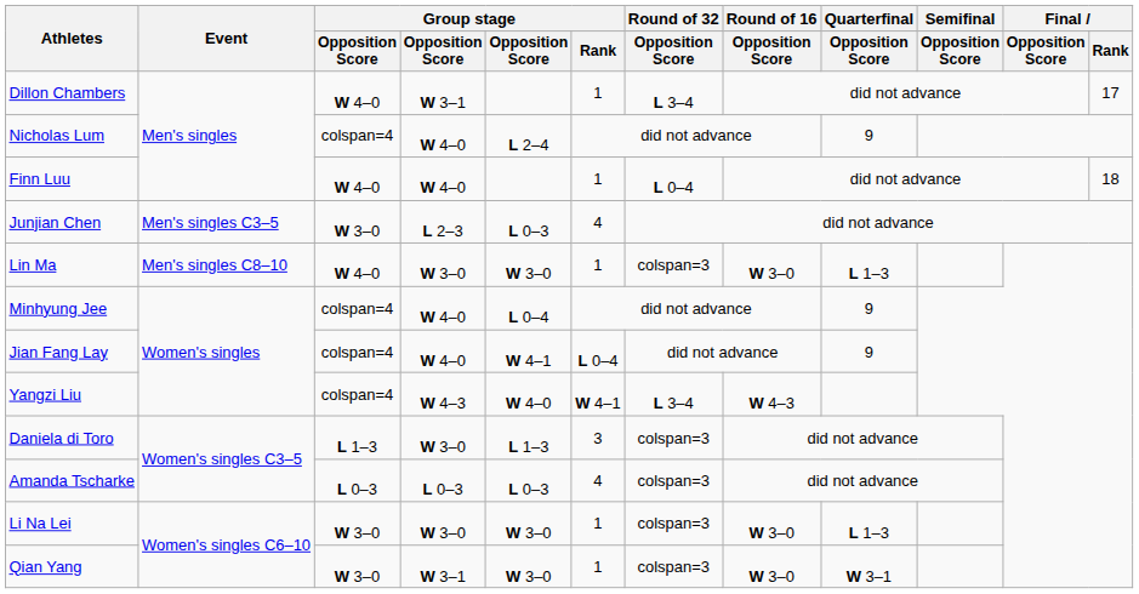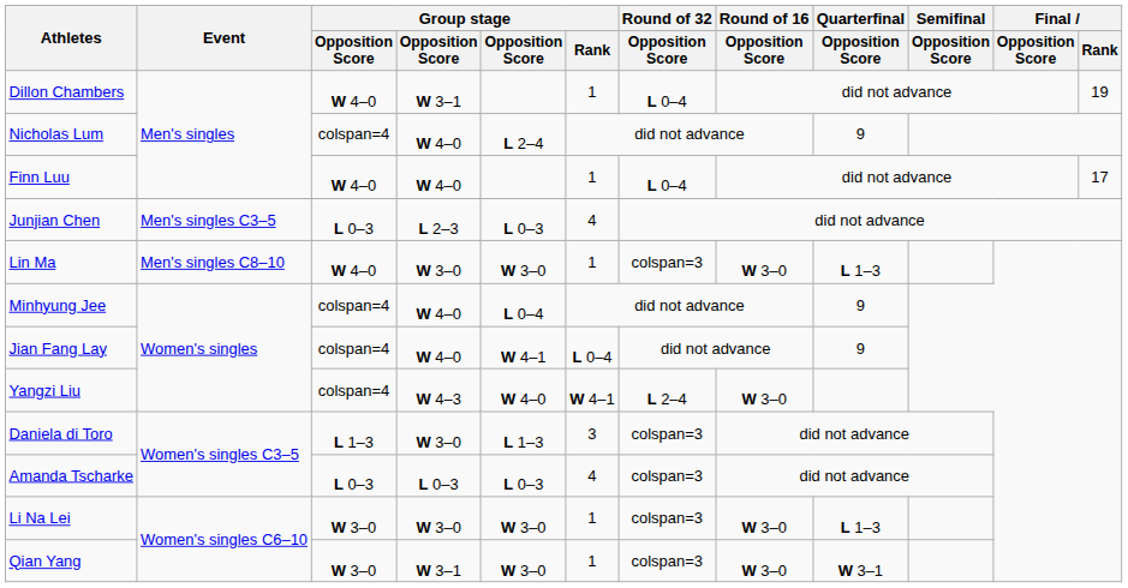 <table class=wikitable style=font-size:88%;text-align:center>
 <tr>
 <th rowspan=2>Athletes</th>
 <th rowspan=2>Event</th>
 <th colspan=4>Group stage</th>
 <th>Round of 32</th>
 <th>Round of 16</th>
 <th>Quarterfinal</th>
 <th>Semifinal</th>
 <th colspan=2>Final / </th>
 </tr>
 <tr style=font-size:95%>
 <th>Opposition<br>Score</th>
 <th>Opposition<br>Score</th>
 <th>Opposition<br>Score</th>
 <th>Rank</th>
 <th>Opposition<br>Score</th>
 <th>Opposition<br>Score</th>
 <th>Opposition<br>Score</th>
 <th>Opposition<br>Score</th>
 <th>Opposition<br>Score</th>
 <th>Rank</th>
 </tr>
 <tr>
 <td align=left><a href='#'>Dillon Chambers</a></td>
 <td align=left rowspan=3><a href='#'>Men's singles</a></td>
 <td><br><strong>W</strong> 4–0</td>
 <td><br><strong>W</strong> 3–1</td>
 <td></td>
 <td>1</td>
-<td><br><strong>L</strong> 3–4</td>
+<td><br><strong>L</strong> 0–4</td>
 <td colspan=4>did not advance</td>
-<td>17</td>
+<td>19</td>
 </tr>
 <tr>
 <td align=left><a href='#'>Nicholas Lum</a></td>
 <td>colspan=4 </td>
 <td><br><strong>W</strong> 4–0</td>
 <td><br><strong>L</strong> 2–4</td>
 <td colspan=3>did not advance</td>
 <td>9</td>
 </tr>
 <tr>
 <td align=left><a href='#'>Finn Luu</a></td>
 <td><br><strong>W</strong> 4–0</td>
 <td><br><strong>W</strong> 4–0</td>
 <td></td>
 <td>1</td>
 <td><br><strong>L</strong> 0–4</td>
 <td colspan=4>did not advance</td>
-<td>18</td>
+<td>17</td>
 </tr>
 <tr>
 <td align=left><a href='#'>Junjian Chen</a></td>
 <td align=left><a href='#'>Men's singles C3–5</a></td>
-<td><br><strong>W</strong> 3–0</td>
+<td><br><strong>L</strong> 0–3</td>
 <td><br><strong>L</strong> 2–3</td>
 <td><br><strong>L</strong> 0–3</td>
 <td>4</td>
 <td colspan=6>did not advance</td>
 </tr>
 <tr>
 <td align=left><a href='#'>Lin Ma</a></td>
 <td align=left><a href='#'>Men's singles C8–10</a></td>
 <td><br><strong>W</strong> 4–0</td>
 <td><br><strong>W</strong> 3–0</td>
 <td><br><strong>W</strong> 3–0</td>
 <td>1</td>
 <td>colspan=3 </td>
 <td><br><strong>W</strong> 3–0</td>
 <td><br><strong>L</strong> 1–3</td>
 <td></td>
 </tr>
 <tr>
 <td align=left><a href='#'>Minhyung Jee</a></td>
 <td align=left rowspan=3><a href='#'>Women's singles</a></td>
 <td>colspan=4 </td>
 <td><br><strong>W</strong> 4–0</td>
 <td><br><strong>L</strong> 0–4</td>
 <td colspan=3>did not advance</td>
 <td>9</td>
 </tr>
 <tr>
 <td align=left><a href='#'>Jian Fang Lay</a></td>
 <td>colspan=4 </td>
 <td><br><strong>W</strong> 4–0</td>
 <td><br><strong>W</strong> 4–1</td>
 <td><br><strong>L</strong> 0–4</td>
 <td colspan=2>did not advance</td>
 <td>9</td>
 </tr>
 <tr>
 <td align=left><a href='#'>Yangzi Liu</a></td>
 <td>colspan=4 </td>
 <td><br><strong>W</strong> 4–3</td>
 <td><br><strong>W</strong> 4–0</td>
 <td><br><strong>W</strong> 4–1</td>
-<td><br><strong>L</strong> 3–4</td>
-<td><br><strong>W</strong> 4–3</td>
+<td><br><strong>L</strong> 2–4</td>
+<td><br><strong>W</strong> 3–0</td>
 <td></td>
 </tr>
 <tr>
 <td align=left><a href='#'>Daniela di Toro</a></td>
 <td align=left rowspan=2><a href='#'>Women's singles C3–5</a></td>
 <td><br><strong>L</strong> 1–3</td>
 <td><br><strong>W</strong> 3–0</td>
 <td><br><strong>L</strong> 1–3</td>
 <td>3</td>
 <td>colspan=3 </td>
 <td colspan=3>did not advance</td>
 </tr>
 <tr>
 <td align=left><a href='#'>Amanda Tscharke</a></td>
 <td><br><strong>L</strong> 0–3</td>
 <td><br><strong>L</strong> 0–3</td>
 <td><br><strong>L</strong> 0–3</td>
 <td>4</td>
 <td>colspan=3 </td>
 <td colspan=3>did not advance</td>
 </tr>
 <tr>
 <td align=left><a href='#'>Li Na Lei</a></td>
 <td align=left rowspan=2><a href='#'>Women's singles C6–10</a></td>
 <td><br><strong>W</strong> 3–0</td>
 <td><br><strong>W</strong> 3–0</td>
 <td><br><strong>W</strong> 3–0</td>
 <td>1</td>
 <td>colspan=3 </td>
 <td><br><strong>W</strong> 3–0</td>
 <td><br><strong>L</strong> 1–3</td>
 <td></td>
 </tr>
 <tr>
 <td align=left><a href='#'>Qian Yang</a></td>
 <td><br><strong>W</strong> 3–0</td>
 <td><br><strong>W</strong> 3–1</td>
 <td><br><strong>W</strong> 3–0</td>
 <td>1</td>
 <td>colspan=3 </td>
 <td><br><strong>W</strong> 3–0</td>
 <td><br><strong>W</strong> 3–1</td>
 <td></td>
 </tr>
 </table>
